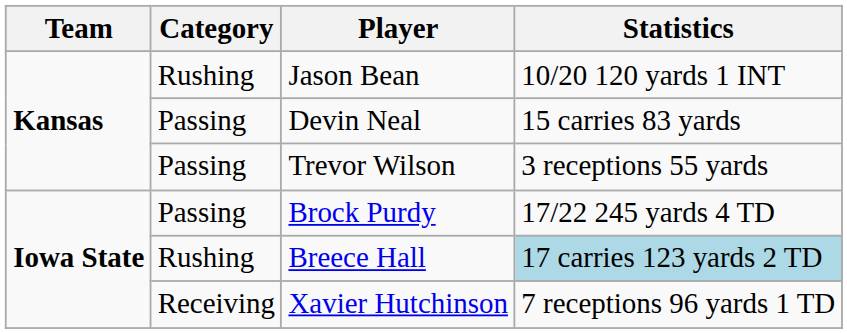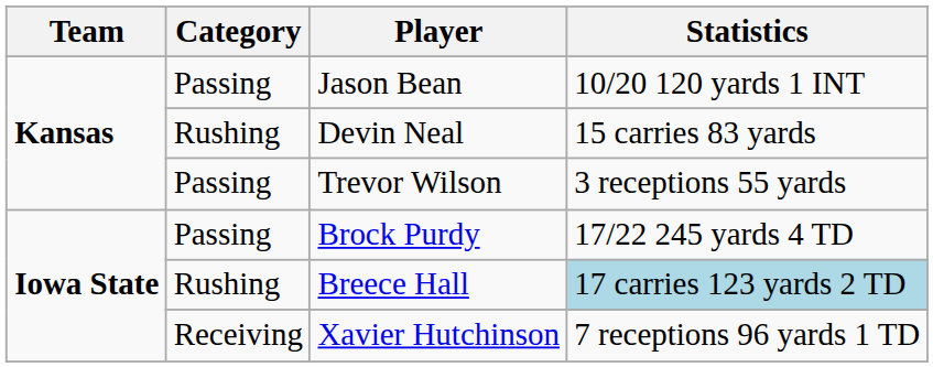 <table class="wikitable" style="float: right;">
 <tr>
 <th>Team</th>
 <th>Category</th>
 <th>Player</th>
 <th>Statistics</th>
 </tr>
 <tr>
 <td rowspan=3><strong>Kansas</strong></td>
-<td>Rushing</td>
+<td>Passing</td>
 <td>Jason Bean</td>
 <td>10/20 120 yards 1 INT</td>
 </tr>
 <tr>
-<td>Passing</td>
+<td>Rushing</td>
 <td>Devin Neal</td>
 <td>15 carries 83 yards</td>
 </tr>
 <tr>
 <td>Passing</td>
 <td>Trevor Wilson</td>
 <td>3 receptions 55 yards</td>
 </tr>
 <tr>
 <td rowspan=3><strong>Iowa State</strong></td>
 <td>Passing</td>
 <td><a href='#'>Brock Purdy</a></td>
 <td>17/22	245	yards 4 TD</td>
 </tr>
 <tr>
 <td>Rushing</td>
 <td><a href='#'>Breece Hall</a></td>
 <td style="background: lightblue;">17 carries 123 yards 2 TD</td>
 </tr>
 <tr>
 <td>Receiving</td>
 <td><a href='#'>Xavier Hutchinson</a></td>
 <td>7 receptions 96 yards 1	TD</td>
 </tr>
 </table>
